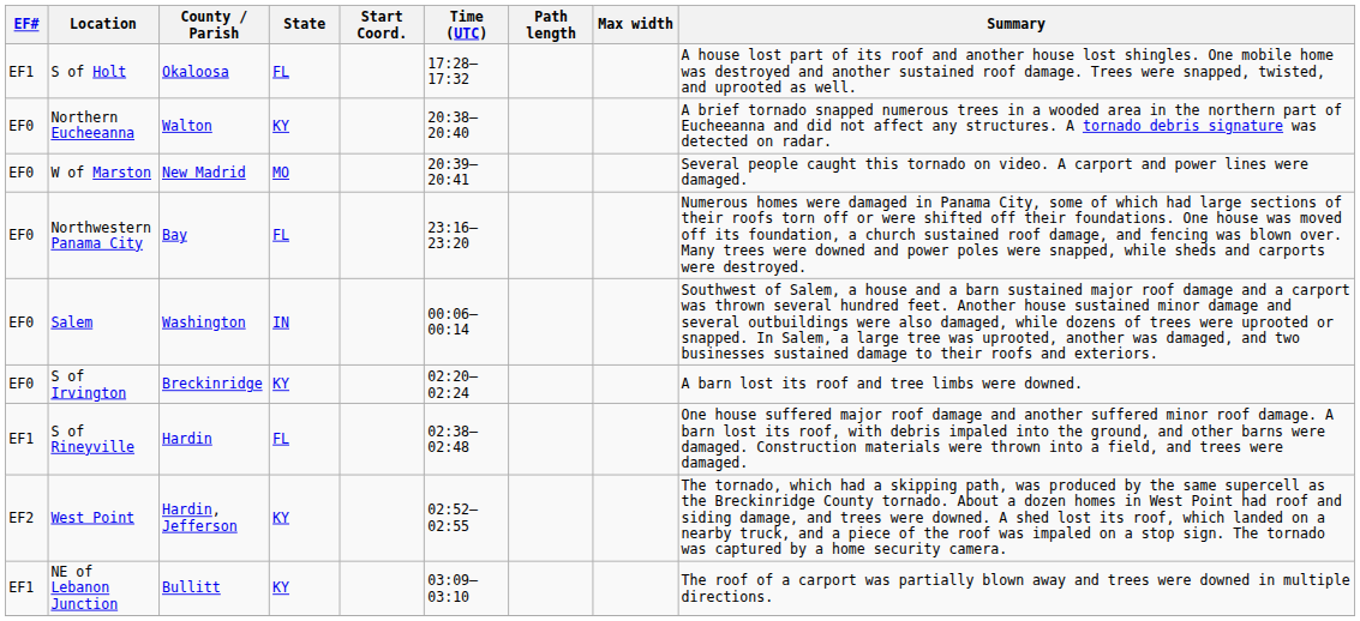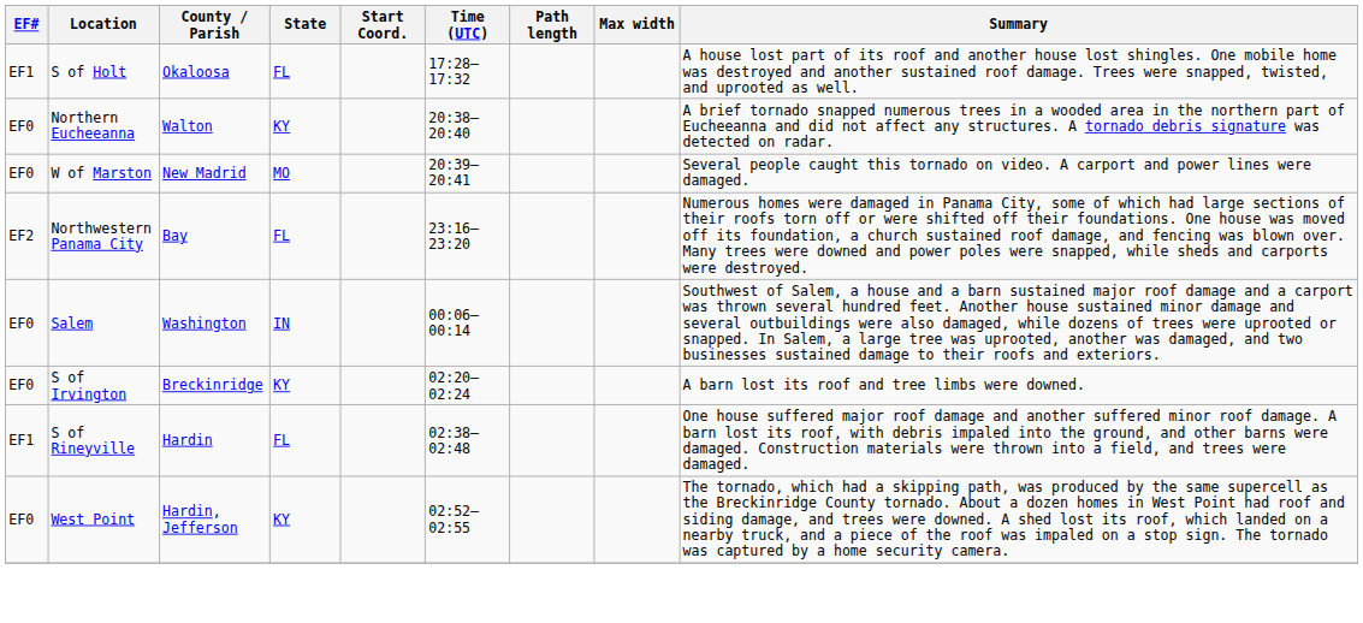 <table class="wikitable sortable" style="width:100%;">
 <tr>
 <th scope="col"  style="width:3%; text-align:center;"><a href='#'>EF#</a></th>
 <th scope="col"  style="width:7%; text-align:center;" class="unsortable">Location</th>
 <th scope="col"  style="width:6%; text-align:center;" class="unsortable">County / Parish</th>
 <th scope="col"  style="width:5%; text-align:center;">State</th>
 <th scope="col"  style="width:6%; text-align:center;">Start Coord.</th>
 <th scope="col"  style="width:6%; text-align:center;">Time (<a href='#'>UTC</a>)</th>
 <th scope="col"  style="width:6%; text-align:center;">Path length</th>
 <th scope="col"  style="width:6%; text-align:center;">Max width</th>
 <th scope="col" class="unsortable" style="width:48%; text-align:center;">Summary</th>
 </tr>
 <tr>
 <td>EF1</td>
 <td>S of <a href='#'>Holt</a></td>
 <td><a href='#'>Okaloosa</a></td>
 <td><a href='#'>FL</a></td>
 <td></td>
 <td>17:28–17:32</td>
 <td></td>
 <td></td>
 <td>A house lost part of its roof and another house lost shingles. One mobile home was destroyed and another sustained roof damage. Trees were snapped, twisted, and uprooted as well.</td>
 </tr>
 <tr>
 <td>EF0</td>
 <td>Northern <a href='#'>Eucheeanna</a></td>
 <td><a href='#'>Walton</a></td>
 <td><a href='#'>KY</a></td>
 <td></td>
 <td>20:38–20:40</td>
 <td></td>
 <td></td>
 <td>A brief tornado snapped numerous trees in a wooded area in the northern part of Eucheeanna and did not affect any structures. A <a href='#'>tornado debris signature</a> was detected on radar.</td>
 </tr>
 <tr>
 <td>EF0</td>
 <td>W of <a href='#'>Marston</a></td>
 <td><a href='#'>New Madrid</a></td>
 <td><a href='#'>MO</a></td>
 <td></td>
 <td>20:39–20:41</td>
 <td></td>
 <td></td>
 <td>Several people caught this tornado on video. A carport and power lines were damaged.</td>
 </tr>
 <tr>
-<td>EF0</td>
+<td>EF2</td>
 <td>Northwestern <a href='#'>Panama City</a></td>
 <td><a href='#'>Bay</a></td>
 <td><a href='#'>FL</a></td>
 <td></td>
 <td>23:16–23:20</td>
 <td></td>
 <td></td>
 <td>Numerous homes were damaged in Panama City, some of which had large sections of their roofs torn off or were shifted off their foundations. One house was moved  off its foundation, a church sustained roof damage, and fencing was blown over. Many trees were downed and power poles were snapped, while sheds and carports were destroyed.</td>
 </tr>
 <tr>
 <td>EF0</td>
 <td><a href='#'>Salem</a></td>
 <td><a href='#'>Washington</a></td>
 <td><a href='#'>IN</a></td>
 <td></td>
 <td>00:06–00:14</td>
 <td></td>
 <td></td>
 <td>Southwest of Salem, a house and a barn sustained major roof damage and a carport was thrown several hundred feet. Another house sustained minor damage and several outbuildings were also damaged, while dozens of trees were uprooted or snapped. In Salem, a large tree was uprooted, another was damaged, and two businesses sustained damage to their roofs and exteriors.</td>
 </tr>
 <tr>
 <td>EF0</td>
 <td>S of <a href='#'>Irvington</a></td>
 <td><a href='#'>Breckinridge</a></td>
 <td><a href='#'>KY</a></td>
 <td></td>
 <td>02:20–02:24</td>
 <td></td>
 <td></td>
 <td>A barn lost its roof and tree limbs were downed.</td>
 </tr>
 <tr>
 <td>EF1</td>
 <td>S of <a href='#'>Rineyville</a></td>
 <td><a href='#'>Hardin</a></td>
 <td><a href='#'>FL</a></td>
 <td></td>
 <td>02:38–02:48</td>
 <td></td>
 <td></td>
 <td>One house suffered major roof damage and another suffered minor roof damage. A barn lost its roof, with debris impaled into the ground, and other barns were damaged. Construction materials were thrown into a field, and trees were damaged.</td>
 </tr>
 <tr>
-<td>EF2</td>
+<td>EF0</td>
 <td><a href='#'>West Point</a></td>
 <td><a href='#'>Hardin</a>, <a href='#'>Jefferson</a></td>
 <td><a href='#'>KY</a></td>
 <td></td>
 <td>02:52–02:55</td>
 <td></td>
 <td></td>
 <td>The tornado, which had a skipping path, was produced by the same supercell as the Breckinridge County tornado. About a dozen homes in West Point had roof and siding damage, and trees were downed. A shed lost its roof, which landed on a nearby truck, and a piece of the roof was impaled on a stop sign. The tornado was captured by a home security camera.</td>
 </tr>
 <tr>
-<td>EF1</td>
-<td>NE of <a href='#'>Lebanon Junction</a></td>
-<td><a href='#'>Bullitt</a></td>
-<td><a href='#'>KY</a></td>
-<td></td>
-<td>03:09–03:10</td>
-<td></td>
-<td></td>
-<td>The roof of a carport was partially blown away and trees were downed in multiple directions.</td>
-</tr>
-<tr>
 </tr>
 </table>
